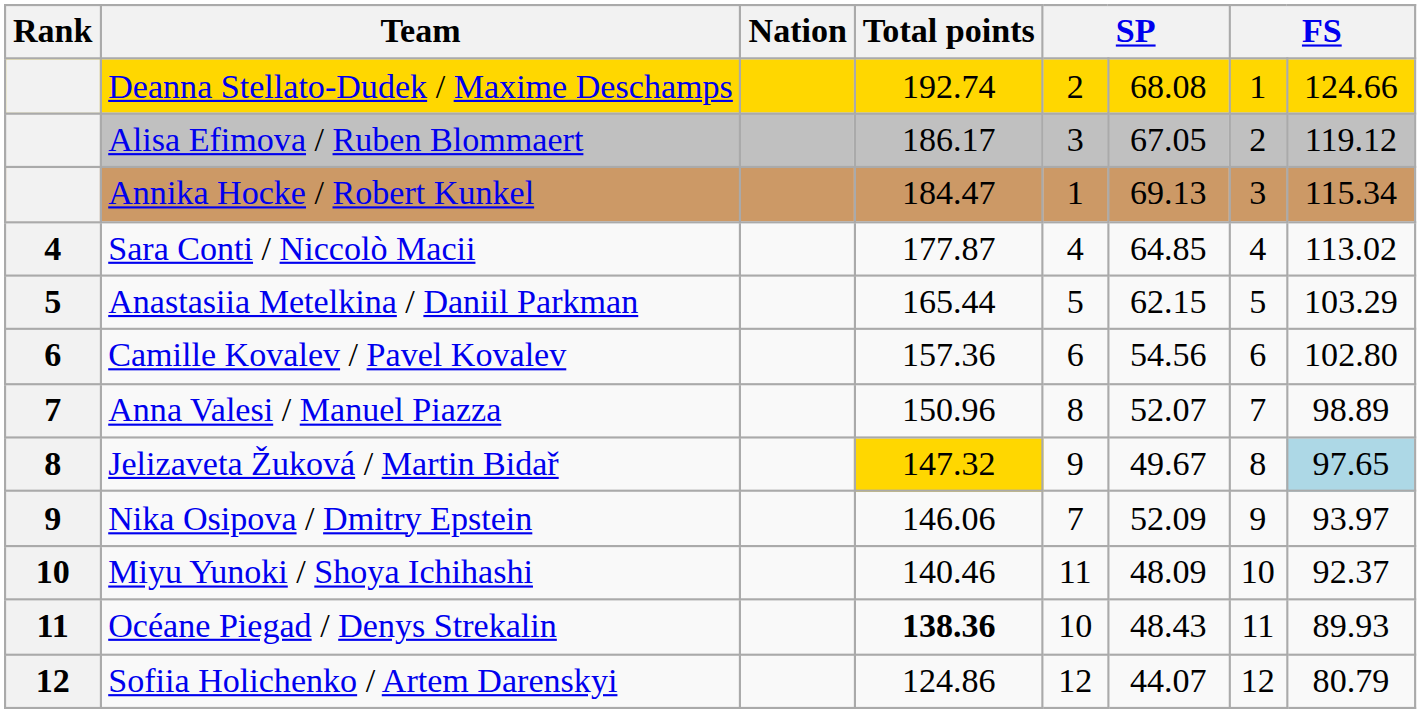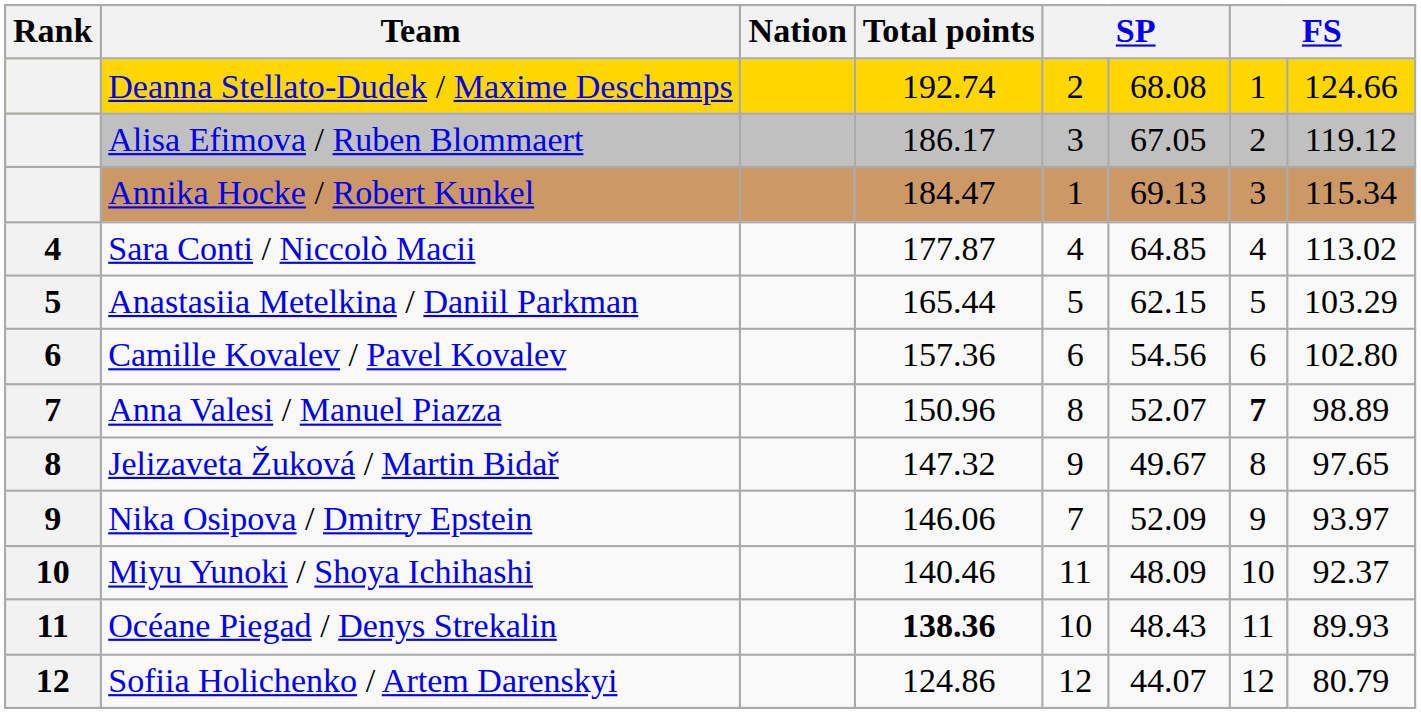 <table class="wikitable sortable" style="text-align:left">
 <tr>
 <th scope="col">Rank</th>
 <th scope="col">Team</th>
 <th scope="col">Nation</th>
 <th scope="col">Total points</th>
 <th scope="col" colspan="2" width="80px"><a href='#'>SP</a></th>
 <th scope="col" colspan="2" width="80px"><a href='#'>FS</a></th>
 </tr>
 <tr bgcolor="gold">
 <th scope="row"></th>
 <td><a href='#'>Deanna Stellato-Dudek</a> / <a href='#'>Maxime Deschamps</a></td>
 <td></td>
 <td align="center">192.74</td>
 <td align="center">2</td>
 <td align="center">68.08</td>
 <td align="center">1</td>
 <td align="center">124.66</td>
 </tr>
 <tr bgcolor="silver">
 <th scope="row"></th>
 <td><a href='#'>Alisa Efimova</a> / <a href='#'>Ruben Blommaert</a></td>
 <td></td>
 <td align="center">186.17</td>
 <td align="center">3</td>
 <td align="center">67.05</td>
 <td align="center">2</td>
 <td align="center">119.12</td>
 </tr>
 <tr bgcolor="cc9966">
 <th scope="row"></th>
 <td><a href='#'>Annika Hocke</a> / <a href='#'>Robert Kunkel</a></td>
 <td></td>
 <td align="center">184.47</td>
 <td align="center">1</td>
 <td align="center">69.13</td>
 <td align="center">3</td>
 <td align="center">115.34</td>
 </tr>
 <tr>
 <th scope="row">4</th>
 <td><a href='#'>Sara Conti</a> / <a href='#'>Niccolò Macii</a></td>
 <td></td>
 <td align="center">177.87</td>
 <td align="center">4</td>
 <td align="center">64.85</td>
 <td align="center">4</td>
 <td align="center">113.02</td>
 </tr>
 <tr>
 <th scope="row">5</th>
 <td><a href='#'>Anastasiia Metelkina</a> / <a href='#'>Daniil Parkman</a></td>
 <td></td>
 <td align="center">165.44</td>
 <td align="center">5</td>
 <td align="center">62.15</td>
 <td align="center">5</td>
 <td align="center">103.29</td>
 </tr>
 <tr>
 <th scope="row">6</th>
 <td><a href='#'>Camille Kovalev</a> / <a href='#'>Pavel Kovalev</a></td>
 <td></td>
 <td align="center">157.36</td>
 <td align="center">6</td>
 <td align="center">54.56</td>
 <td align="center">6</td>
 <td align="center">102.80</td>
 </tr>
 <tr>
 <th scope="row">7</th>
 <td><a href='#'>Anna Valesi</a> / <a href='#'>Manuel Piazza</a></td>
 <td></td>
 <td align="center">150.96</td>
 <td align="center">8</td>
 <td align="center">52.07</td>
-<td align="center">7</td>
+<td align="center"><strong>7</strong></td>
 <td align="center">98.89</td>
 </tr>
 <tr>
 <th scope="row">8</th>
 <td><a href='#'>Jelizaveta Žuková</a> / <a href='#'>Martin Bidař</a></td>
 <td></td>
-<td align="center" style="background: gold;">147.32</td>
+<td align="center">147.32</td>
 <td align="center">9</td>
 <td align="center">49.67</td>
 <td align="center">8</td>
-<td align="center" style="background: lightblue;">97.65</td>
+<td align="center">97.65</td>
 </tr>
 <tr>
 <th scope="row">9</th>
 <td><a href='#'>Nika Osipova</a> / <a href='#'>Dmitry Epstein</a></td>
 <td></td>
 <td align="center">146.06</td>
 <td align="center">7</td>
 <td align="center">52.09</td>
 <td align="center">9</td>
 <td align="center">93.97</td>
 </tr>
 <tr>
 <th scope="row">10</th>
 <td><a href='#'>Miyu Yunoki</a> / <a href='#'>Shoya Ichihashi</a></td>
 <td></td>
 <td align="center">140.46</td>
 <td align="center">11</td>
 <td align="center">48.09</td>
 <td align="center">10</td>
 <td align="center">92.37</td>
 </tr>
 <tr>
 <th scope="row">11</th>
 <td><a href='#'>Océane Piegad</a> / <a href='#'>Denys Strekalin</a></td>
 <td></td>
 <td align="center"><strong>138.36</strong></td>
 <td align="center">10</td>
 <td align="center">48.43</td>
 <td align="center">11</td>
 <td align="center">89.93</td>
 </tr>
 <tr>
 <th scope="row">12</th>
 <td><a href='#'>Sofiia Holichenko</a> / <a href='#'>Artem Darenskyi</a></td>
 <td></td>
 <td align="center">124.86</td>
 <td align="center">12</td>
 <td align="center">44.07</td>
 <td align="center">12</td>
 <td align="center">80.79</td>
 </tr>
 </table>
